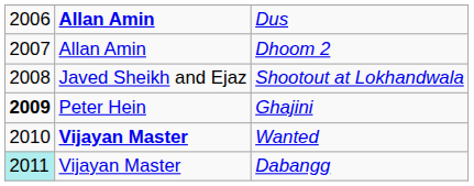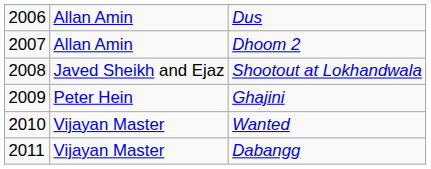 <table class="wikitable sortable">
 <tr ! Year || Action Director || Film>
 </tr>
 <tr>
 <td>2006</td>
-<td><strong><a href='#'>Allan Amin</a></strong></td>
+<td><a href='#'>Allan Amin</a></td>
 <td><em><a href='#'>Dus</a></em></td>
 </tr>
 <tr>
 <td>2007</td>
 <td><a href='#'>Allan Amin</a></td>
 <td><em><a href='#'>Dhoom 2</a></em></td>
 </tr>
 <tr>
 <td>2008</td>
 <td><a href='#'>Javed Sheikh</a> and Ejaz</td>
 <td><em><a href='#'>Shootout at Lokhandwala</a></em></td>
 </tr>
 <tr>
-<td><strong>2009</strong></td>
+<td>2009</td>
 <td><a href='#'>Peter Hein</a></td>
 <td><em><a href='#'>Ghajini</a></em></td>
 </tr>
 <tr>
 <td>2010</td>
-<td><strong><a href='#'>Vijayan Master</a></strong></td>
+<td><a href='#'>Vijayan Master</a></td>
 <td><em><a href='#'>Wanted</a></em></td>
 </tr>
 <tr>
-<td style="background: paleturquoise;">2011</td>
+<td>2011</td>
 <td><a href='#'>Vijayan Master</a></td>
 <td><em><a href='#'>Dabangg</a></em></td>
 </tr>
 </table>
